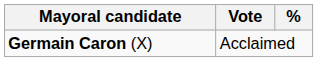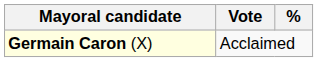 <table class="wikitable">
 <tr>
 <th bgcolor="#DDDDFF" width="200px">Mayoral candidate</th>
 <th bgcolor="#DDDDFF" width="50px">Vote</th>
 <th bgcolor="#DDDDFF"  width="30px">%</th>
 </tr>
 <tr>
-<td><strong>Germain Caron</strong> (X)</td>
+<td style="background: lightyellow;"><strong>Germain Caron</strong> (X)</td>
 <td colspan="2">Acclaimed</td>
 </tr>
 </table>
